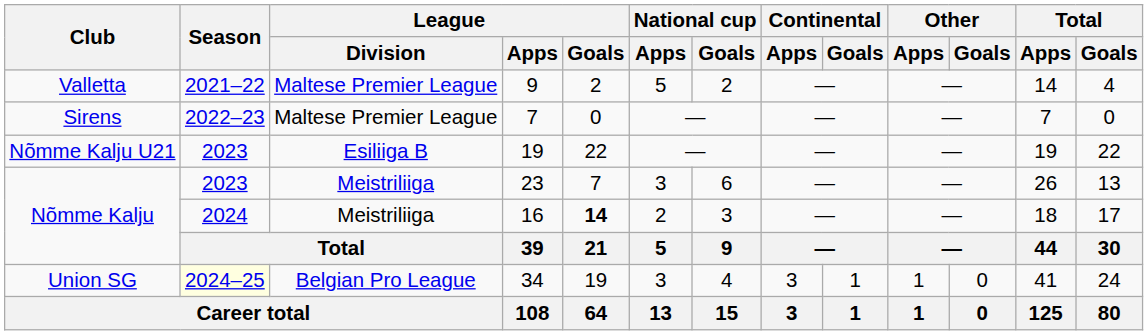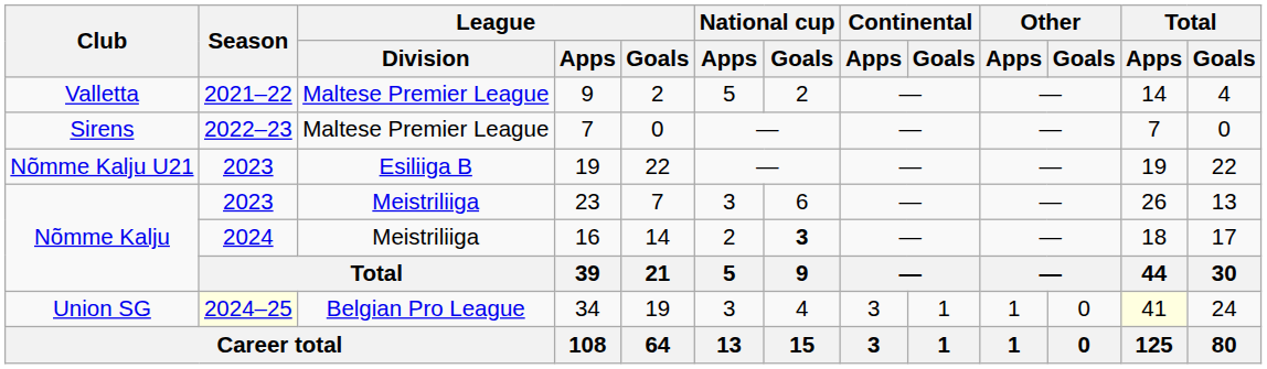 <table class="wikitable" style="text-align: center">
 <tr>
 <th rowspan="2">Club</th>
 <th rowspan="2">Season</th>
 <th colspan="3">League</th>
 <th colspan="2">National cup</th>
 <th colspan="2">Continental</th>
 <th colspan="2">Other</th>
 <th colspan="2">Total</th>
 </tr>
 <tr>
 <th>Division</th>
 <th>Apps</th>
 <th>Goals</th>
 <th>Apps</th>
 <th>Goals</th>
 <th>Apps</th>
 <th>Goals</th>
 <th>Apps</th>
 <th>Goals</th>
 <th>Apps</th>
 <th>Goals</th>
 </tr>
 <tr>
 <td><a href='#'>Valletta</a></td>
 <td><a href='#'>2021–22</a></td>
 <td><a href='#'>Maltese Premier League</a></td>
 <td>9</td>
 <td>2</td>
 <td>5</td>
 <td>2</td>
 <td colspan="2">—</td>
 <td colspan="2">—</td>
 <td>14</td>
 <td>4</td>
 </tr>
 <tr>
 <td><a href='#'>Sirens</a></td>
 <td><a href='#'>2022–23</a></td>
 <td>Maltese Premier League</td>
 <td>7</td>
 <td>0</td>
 <td colspan="2">—</td>
 <td colspan="2">—</td>
 <td colspan="2">—</td>
 <td>7</td>
 <td>0</td>
 </tr>
 <tr>
 <td><a href='#'>Nõmme Kalju U21</a></td>
 <td><a href='#'>2023</a></td>
 <td><a href='#'>Esiliiga B</a></td>
 <td>19</td>
 <td>22</td>
 <td colspan="2">—</td>
 <td colspan="2">—</td>
 <td colspan="2">—</td>
 <td>19</td>
 <td>22</td>
 </tr>
 <tr>
 <td rowspan="3"><a href='#'>Nõmme Kalju</a></td>
 <td><a href='#'>2023</a></td>
 <td><a href='#'>Meistriliiga</a></td>
 <td>23</td>
 <td>7</td>
 <td>3</td>
 <td>6</td>
 <td colspan="2">—</td>
 <td colspan="2">—</td>
 <td>26</td>
 <td>13</td>
 </tr>
 <tr>
 <td><a href='#'>2024</a></td>
 <td>Meistriliiga</td>
 <td>16</td>
-<td><strong>14</strong></td>
+<td>14</td>
 <td>2</td>
-<td>3</td>
+<td><strong>3</strong></td>
 <td colspan="2">—</td>
 <td colspan="2">—</td>
 <td>18</td>
 <td>17</td>
 </tr>
 <tr>
 <th colspan="2">Total</th>
 <th>39</th>
 <th>21</th>
 <th>5</th>
 <th>9</th>
 <th colspan="2">—</th>
 <th colspan="2">—</th>
 <th>44</th>
 <th>30</th>
 </tr>
 <tr>
 <td><a href='#'>Union SG</a></td>
 <td style="background: lightyellow;"><a href='#'>2024–25</a></td>
 <td><a href='#'>Belgian Pro League</a></td>
 <td>34</td>
 <td>19</td>
 <td>3</td>
 <td>4</td>
 <td>3</td>
 <td>1</td>
 <td>1</td>
 <td>0</td>
-<td>41</td>
+<td style="background: lightyellow;">41</td>
 <td>24</td>
 </tr>
 <tr>
 <th colspan="3">Career total</th>
 <th>108</th>
 <th>64</th>
 <th>13</th>
 <th>15</th>
 <th>3</th>
 <th>1</th>
 <th>1</th>
 <th>0</th>
 <th>125</th>
 <th>80</th>
 </tr>
 </table>
